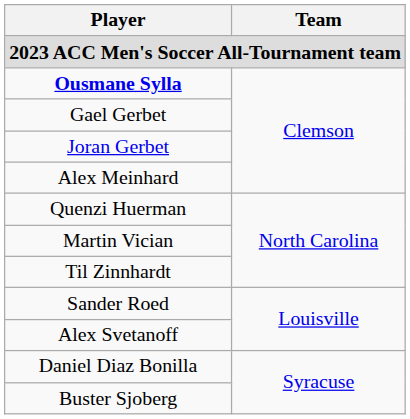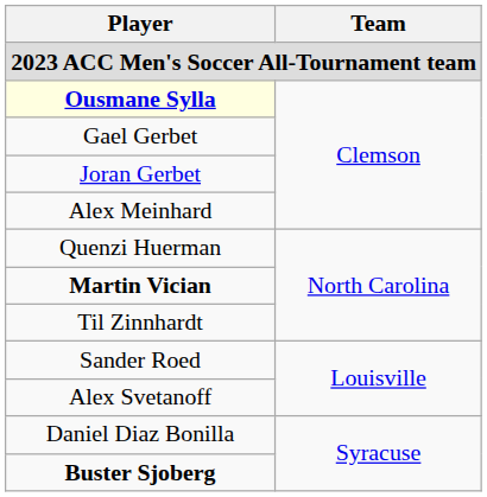 <table class="wikitable" style="white-space:nowrap; text-align: center;">
 <tr>
 <th>Player</th>
 <th>Team</th>
 </tr>
 <tr>
 <td colspan="2" style="text-align:center; background:#ddd;"><strong>2023 ACC Men's Soccer All-Tournament team</strong></td>
 </tr>
 <tr>
-<td><strong><a href='#'>Ousmane Sylla</a></strong></td>
+<td style="background: lightyellow;"><strong><a href='#'>Ousmane Sylla</a></strong></td>
 <td rowspan=4><a href='#'>Clemson</a></td>
 </tr>
 <tr>
 <td>Gael Gerbet</td>
 </tr>
 <tr>
 <td><a href='#'>Joran Gerbet</a></td>
 </tr>
 <tr>
 <td>Alex Meinhard</td>
 </tr>
 <tr>
 <td>Quenzi Huerman</td>
 <td rowspan=3><a href='#'>North Carolina</a></td>
 </tr>
 <tr>
-<td>Martin Vician</td>
+<td><strong>Martin Vician</strong></td>
 </tr>
 <tr>
 <td>Til Zinnhardt</td>
 </tr>
 <tr>
 <td>Sander Roed</td>
 <td rowspan=2><a href='#'>Louisville</a></td>
 </tr>
 <tr>
 <td>Alex Svetanoff</td>
 </tr>
 <tr>
 <td>Daniel Diaz Bonilla</td>
 <td rowspan=2><a href='#'>Syracuse</a></td>
 </tr>
 <tr>
-<td>Buster Sjoberg</td>
+<td><strong>Buster Sjoberg</strong></td>
 </tr>
 </table>
